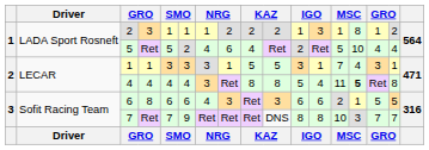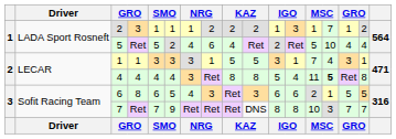 <table align=left| class="wikitable" style="font-size: 85%; text-align: center">
 <tr valign="top">
 <th valign="middle"></th>
 <th valign="middle">Driver</th>
 <th colspan=2><a href='#'>GRO</a></th>
 <th colspan=2><a href='#'>SMO</a></th>
 <th colspan=2><a href='#'>NRG</a></th>
 <th colspan=2><a href='#'>KAZ</a></th>
 <th colspan=2><a href='#'>IGO</a></th>
 <th colspan=2><a href='#'>MSC</a></th>
 <th colspan=2><a href='#'>GRO</a></th>
 <th valign="middle"></th>
 </tr>
 <tr>
 <th rowspan="2">1</th>
 <td rowspan="2" align=left>LADA Sport Rosneft</td>
 <td style="background:#dfdfdf;">2</td>
 <td style="background:#ffdf9f;">3</td>
 <td style="background:#ffffbf;">1</td>
 <td style="background:#ffffbf;">1</td>
 <td style="background:#ffffbf;">1</td>
 <td style="background:#dfdfdf;">2</td>
 <td style="background:#dfdfdf;">2</td>
 <td style="background:#dfdfdf;">2</td>
 <td style="background:#ffffbf;">1</td>
 <td style="background:#ffdf9f;">3</td>
 <td style="background:#ffffbf;">1</td>
-<td style="background:#dfffdf;">8</td>
+<td style="background:#dfffdf;">7</td>
 <td style="background:#ffffbf;">1</td>
 <td style="background:#dfdfdf;">2</td>
 <th rowspan="2">564</th>
 </tr>
 <tr>
 <td style="background:#dfffdf;"> 5 </td>
 <td style="background:#efcfff;">Ret</td>
 <td style="background:#dfffdf;"> 5 </td>
 <td style="background:#dfdfdf;"> 2 </td>
 <td style="background:#dfffdf;">4</td>
 <td style="background:#dfffdf;">6</td>
 <td style="background:#dfffdf;">4</td>
 <td style="background:#efcfff;">Ret</td>
 <td style="background:#dfdfdf;"> 2 </td>
 <td style="background:#efcfff;">Ret</td>
 <td style="background:#dfffdf;">5</td>
 <td style="background:#dfffdf;">10</td>
 <td style="background:#dfffdf;">4</td>
 <td style="background:#dfffdf;">4</td>
 </tr>
 <tr>
 <th rowspan="2">2</th>
 <td rowspan="2" align=left>LECAR</td>
 <td style="background:#ffffbf;">1</td>
 <td style="background:#ffffbf;">1</td>
 <td style="background:#ffdf9f;">3</td>
 <td style="background:#ffdf9f;">3</td>
 <td style="background:#dfdfdf;">3</td>
 <td style="background:#ffffbf;">1</td>
 <td style="background:#dfffdf;">5</td>
 <td style="background:#dfffdf;">5</td>
 <td style="background:#ffdf9f;">3</td>
 <td style="background:#ffffbf;">1</td>
 <td style="background:#dfffdf;">7</td>
 <td style="background:#dfffdf;">4</td>
 <td style="background:#ffdf9f;">3</td>
 <td style="background:#ffffbf;">1</td>
 <th rowspan="2">471</th>
 </tr>
 <tr>
 <td style="background:#dfffdf;">4</td>
 <td style="background:#dfffdf;">4</td>
 <td style="background:#dfffdf;">4</td>
 <td style="background:#dfffdf;">4</td>
 <td style="background:#ffdf9f;">3</td>
 <td style="background:#efcfff;">Ret</td>
 <td style="background:#dfffdf;">8</td>
 <td style="background:#dfffdf;">8</td>
 <td style="background:#dfffdf;">5</td>
 <td style="background:#dfffdf;">4</td>
 <td style="background:#dfffdf;">11</td>
 <td style="background:#dfffdf;"><strong>5</strong></td>
 <td style="background:#efcfff;">Ret</td>
 <td style="background:#dfffdf;">8</td>
 </tr>
 <tr>
 <th rowspan="2">3</th>
 <td rowspan="2" align=left>Sofit Racing Team</td>
 <td style="background:#dfffdf;">6</td>
 <td style="background:#dfffdf;">8</td>
 <td style="background:#dfffdf;">6</td>
-<td style="background:#dfffdf;">6</td>
+<td style="background:#dfffdf;">5</td>
 <td style="background:#dfffdf;">4</td>
 <td style="background:#ffdf9f;">3</td>
 <td style="background:#efcfff;">Ret</td>
 <td style="background:#ffdf9f;">3</td>
 <td style="background:#dfffdf;">6</td>
 <td style="background:#dfffdf;">6</td>
 <td style="background:#dfdfdf;">2</td>
 <td style="background:#ffffbf;">1</td>
 <td style="background:#dfffdf;">5</td>
 <td style="background:#ffdf9f;">5</td>
 <th rowspan="2">316</th>
 </tr>
 <tr>
 <td style="background:#dfffdf;">7</td>
 <td style="background:#efcfff;">Ret</td>
 <td style="background:#dfffdf;">7</td>
 <td style="background:#dfffdf;">9</td>
 <td style="background:#efcfff;">Ret</td>
 <td style="background:#efcfff;">Ret</td>
 <td style="background:#efcfff;">Ret</td>
 <td>DNS</td>
 <td style="background:#dfffdf;">8</td>
 <td style="background:#dfffdf;">8</td>
 <td style="background:#dfffdf;">10</td>
 <td style="background:#dfdfdf;">3</td>
 <td style="background:#dfffdf;">7</td>
 <td style="background:#dfffdf;">7</td>
 </tr>
 <tr>
 <th valign="middle"></th>
 <th valign="middle">Driver</th>
 <th colspan=2><a href='#'>GRO</a></th>
 <th colspan=2><a href='#'>SMO</a></th>
 <th colspan=2><a href='#'>NRG</a></th>
 <th colspan=2><a href='#'>KAZ</a></th>
 <th colspan=2><a href='#'>IGO</a></th>
 <th colspan=2><a href='#'>MSC</a></th>
 <th colspan=2><a href='#'>GRO</a></th>
 <th valign="middle"></th>
 </tr>
 </table>
